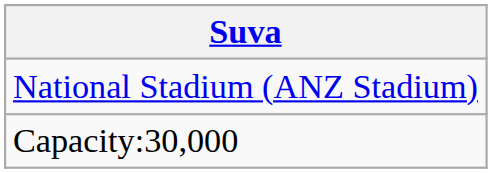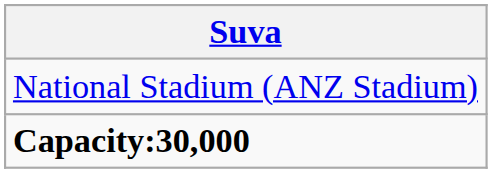 <table class="wikitable">
 <tr>
 <th><a href='#'>Suva</a></th>
 </tr>
 <tr>
 <td><a href='#'>National Stadium (ANZ Stadium)</a></td>
 </tr>
 <tr>
-<td>Capacity:30,000</td>
+<td><strong>Capacity:30,000</strong></td>
 </tr>
 </table>
